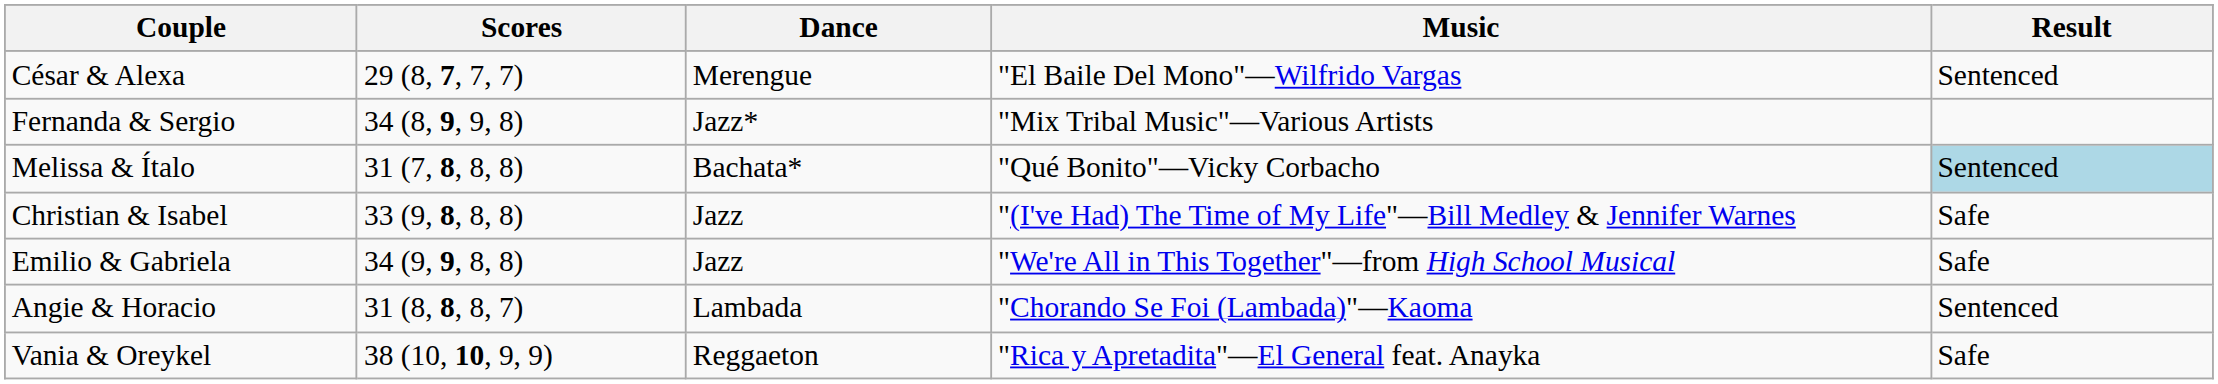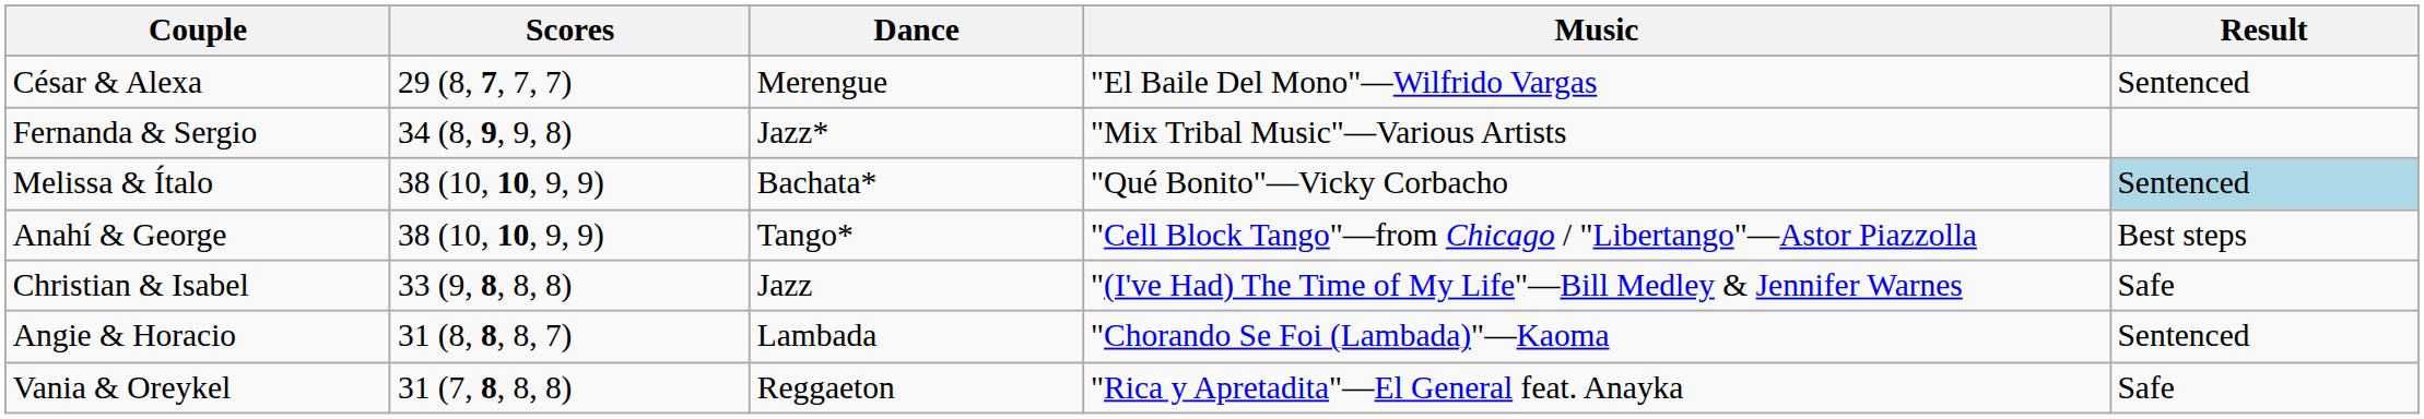 <table class="wikitable sortable" style="width:95%; white-space:nowrap;">
 <tr>
 <th style="width:15%;">Couple</th>
 <th style="width:14%;">Scores</th>
 <th style="width:13%;">Dance</th>
 <th style="width:40%;">Music</th>
 <th style="width:12%;">Result</th>
 </tr>
 <tr>
 <td>César & Alexa</td>
 <td>29 (8, <strong>7</strong>, 7, 7)</td>
 <td>Merengue</td>
 <td>"El Baile Del Mono"—<a href='#'>Wilfrido Vargas</a></td>
 <td>Sentenced</td>
 </tr>
 <tr>
 <td>Fernanda & Sergio</td>
 <td>34 (8, <strong>9</strong>, 9, 8)</td>
 <td>Jazz*</td>
 <td>"Mix Tribal Music"—Various Artists</td>
 <td></td>
 </tr>
 <tr>
 <td>Melissa & Ítalo</td>
-<td>31 (7, <strong>8</strong>, 8, 8)</td>
+<td>38 (10, <strong>10</strong>, 9, 9)</td>
 <td>Bachata*</td>
 <td>"Qué Bonito"—Vicky Corbacho</td>
 <td style="background: lightblue;">Sentenced</td>
+</tr>
+<tr>
+<td>Anahí & George</td>
+<td>38 (10, <strong>10</strong>, 9, 9)</td>
+<td>Tango*</td>
+<td>"<a href='#'>Cell Block Tango</a>"—from <em><a href='#'>Chicago</a></em> / "<a href='#'>Libertango</a>"—<a href='#'>Astor Piazzolla</a></td>
+<td>Best steps</td>
 </tr>
 <tr>
 <td>Christian & Isabel</td>
 <td>33 (9, <strong>8</strong>, 8, 8)</td>
 <td>Jazz</td>
 <td>"<a href='#'>(I've Had) The Time of My Life</a>"—<a href='#'>Bill Medley</a> & <a href='#'>Jennifer Warnes</a></td>
-<td>Safe</td>
-</tr>
-<tr>
-<td>Emilio & Gabriela</td>
-<td>34 (9, <strong>9</strong>, 8, 8)</td>
-<td>Jazz</td>
-<td>"<a href='#'>We're All in This Together</a>"—from <em><a href='#'>High School Musical</a></em></td>
 <td>Safe</td>
 </tr>
 <tr>
 <td>Angie & Horacio</td>
 <td>31 (8, <strong>8</strong>, 8, 7)</td>
 <td>Lambada</td>
 <td>"<a href='#'>Chorando Se Foi (Lambada)</a>"—<a href='#'>Kaoma</a></td>
 <td>Sentenced</td>
 </tr>
 <tr>
 <td>Vania & Oreykel</td>
-<td>38 (10, <strong>10</strong>, 9, 9)</td>
+<td>31 (7, <strong>8</strong>, 8, 8)</td>
 <td>Reggaeton</td>
 <td>"<a href='#'>Rica y Apretadita</a>"—<a href='#'>El General</a> feat. Anayka</td>
 <td>Safe</td>
 </tr>
 </table>
